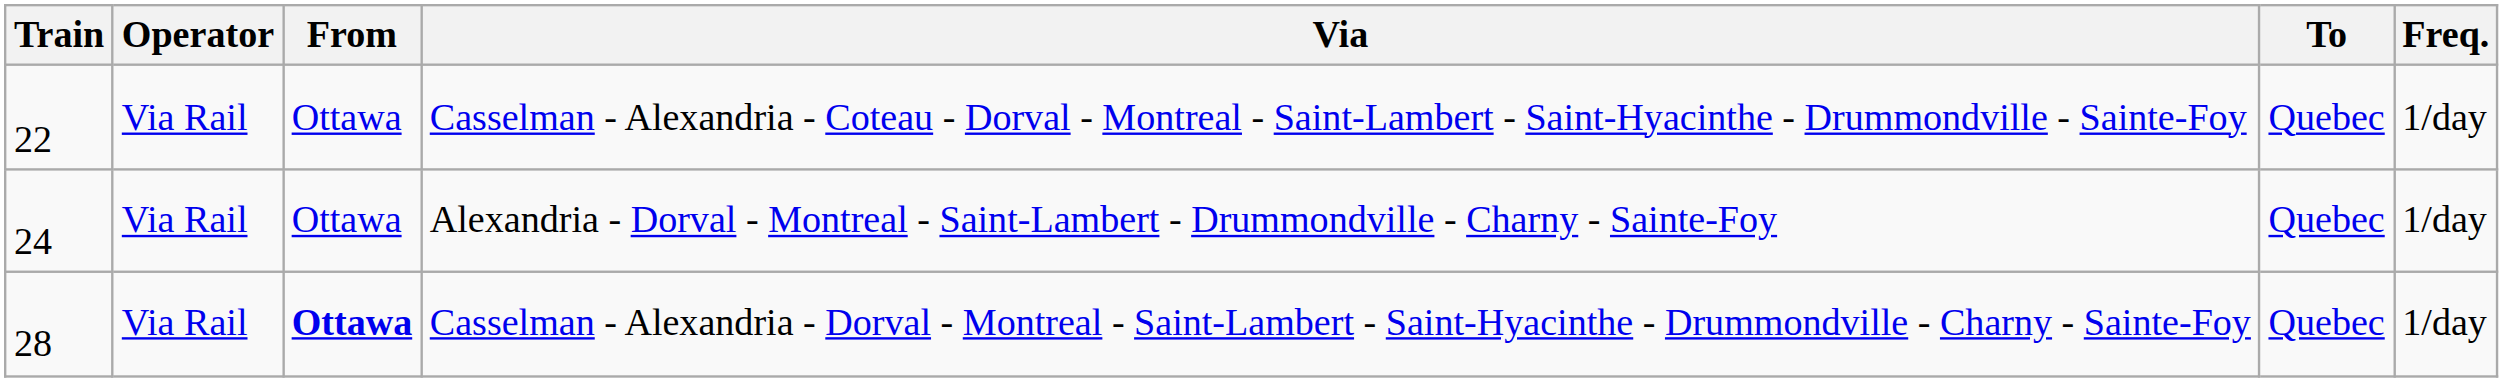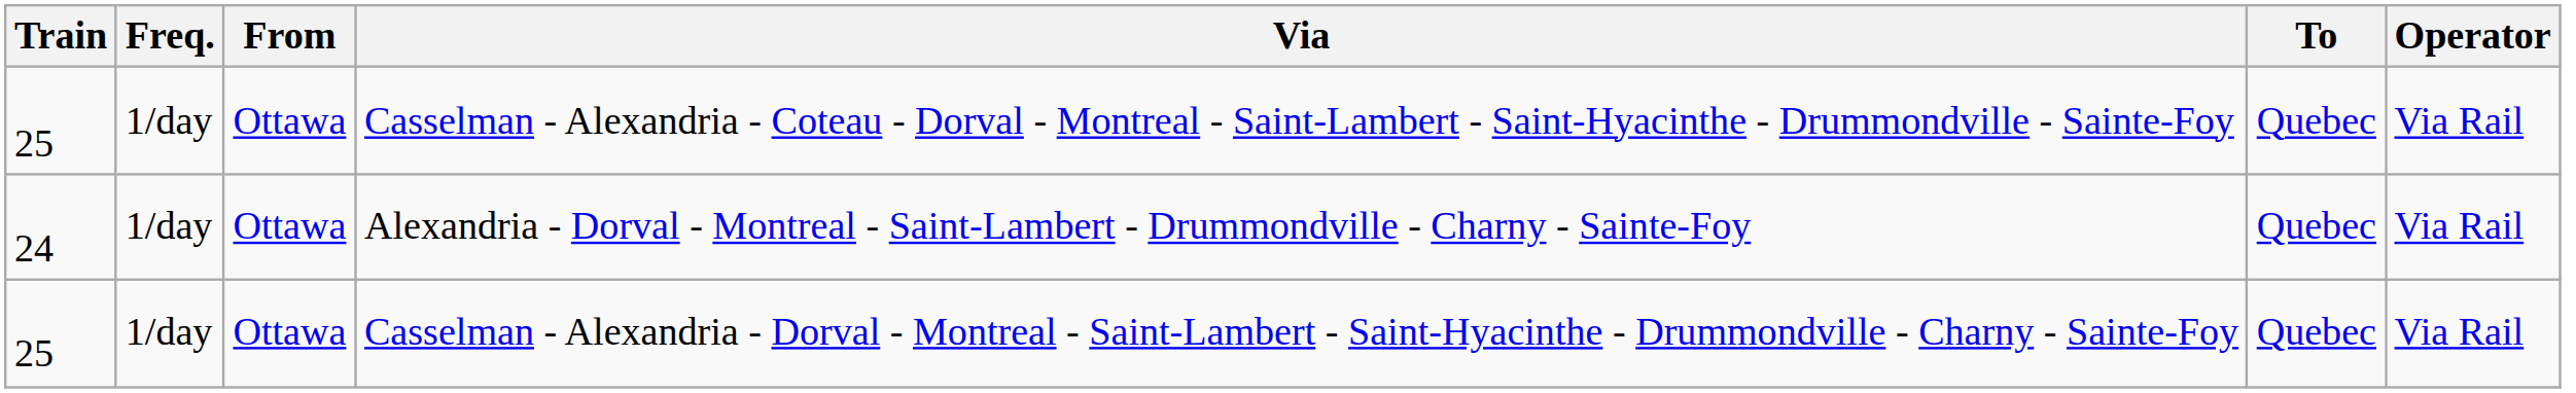 <table class="wikitable vatop">
 <tr>
 <th>Train</th>
-<th>Operator</th>
+<th>Freq.</th>
 <th>From</th>
 <th>Via</th>
 <th>To</th>
-<th>Freq.</th>
+<th>Operator</th>
 </tr>
 <tr>
-<td><br>22</td>
-<td><a href='#'>Via Rail</a></td>
+<td><br>25</td>
+<td>1/day</td>
 <td><a href='#'>Ottawa</a></td>
 <td><a href='#'>Casselman</a> - Alexandria - <a href='#'>Coteau</a> -   <a href='#'>Dorval</a> - <a href='#'>Montreal</a> - <a href='#'>Saint-Lambert</a> - <a href='#'>Saint-Hyacinthe</a> - <a href='#'>Drummondville</a> - <a href='#'>Sainte-Foy</a></td>
 <td><a href='#'>Quebec</a></td>
-<td>1/day</td>
+<td><a href='#'>Via Rail</a></td>
 </tr>
 <tr>
 <td><br>24</td>
-<td><a href='#'>Via Rail</a></td>
+<td>1/day</td>
 <td><a href='#'>Ottawa</a></td>
 <td>Alexandria -  <a href='#'>Dorval</a> - <a href='#'>Montreal</a> - <a href='#'>Saint-Lambert</a> - <a href='#'>Drummondville</a> - <a href='#'>Charny</a> - <a href='#'>Sainte-Foy</a></td>
 <td><a href='#'>Quebec</a></td>
-<td>1/day</td>
+<td><a href='#'>Via Rail</a></td>
 </tr>
 <tr>
-<td><br>28</td>
-<td><a href='#'>Via Rail</a></td>
-<td><strong><a href='#'>Ottawa</a></strong></td>
+<td><br>25</td>
+<td>1/day</td>
+<td><a href='#'>Ottawa</a></td>
 <td><a href='#'>Casselman</a> - Alexandria -  <a href='#'>Dorval</a> - <a href='#'>Montreal</a> - <a href='#'>Saint-Lambert</a> - <a href='#'>Saint-Hyacinthe</a> - <a href='#'>Drummondville</a> - <a href='#'>Charny</a> - <a href='#'>Sainte-Foy</a></td>
 <td><a href='#'>Quebec</a></td>
-<td>1/day</td>
+<td><a href='#'>Via Rail</a></td>
 </tr>
 </table>
